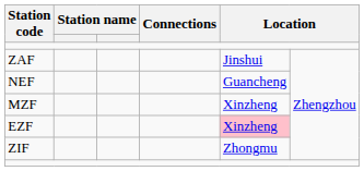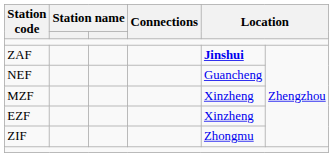 <table class="wikitable">
 <tr>
 <th rowspan="2">Station<br>code</th>
 <th colspan="2">Station name</th>
 <th rowspan="2">Connections</th>
 <th colspan="2" rowspan="2">Location</th>
 </tr>
 <tr>
 <th></th>
 <th></th>
 </tr>
 <tr style="background:#">
 <td colspan = "6"></td>
 </tr>
 <tr>
 <td>ZAF</td>
 <td></td>
 <td></td>
 <td>   </td>
-<td><a href='#'>Jinshui</a></td>
+<td><strong><a href='#'>Jinshui</a></strong></td>
 <td rowspan="5"><a href='#'>Zhengzhou</a></td>
 </tr>
 <tr>
 <td>NEF</td>
 <td></td>
 <td></td>
 <td>  </td>
 <td><a href='#'>Guancheng</a></td>
 </tr>
 <tr>
 <td>MZF</td>
 <td></td>
 <td></td>
 <td>  </td>
 <td><a href='#'>Xinzheng</a></td>
 </tr>
 <tr>
 <td>EZF</td>
 <td></td>
 <td></td>
 <td>  </td>
-<td style="background: pink;"><a href='#'>Xinzheng</a></td>
+<td><a href='#'>Xinzheng</a></td>
 </tr>
 <tr>
 <td>ZIF</td>
 <td></td>
 <td></td>
 <td> </td>
 <td><a href='#'>Zhongmu</a></td>
 </tr>
 <tr style="background:#">
 <td colspan = "6"></td>
 </tr>
 </table>
